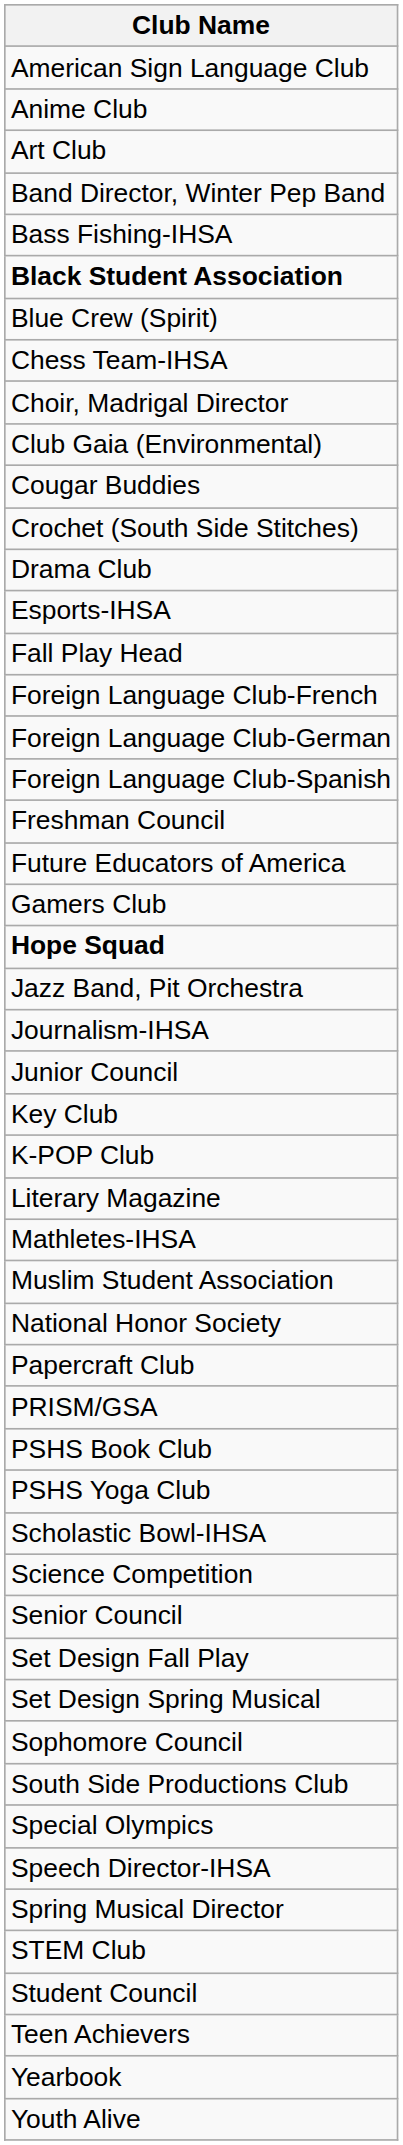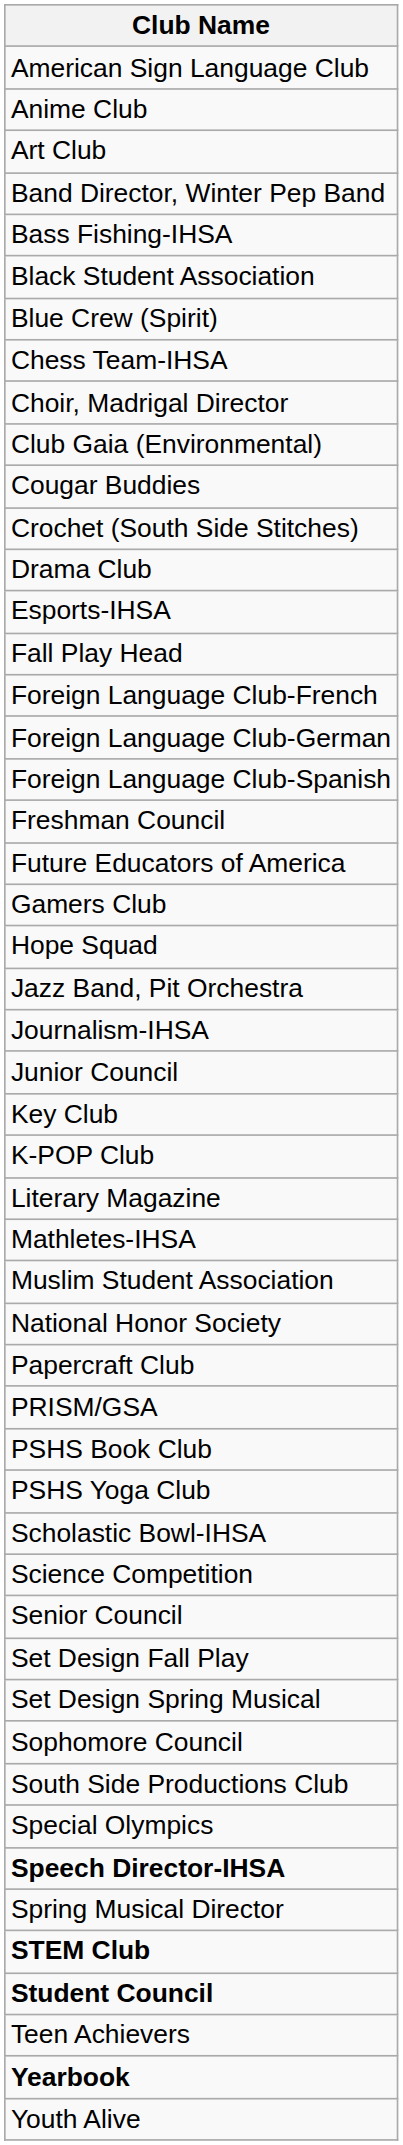 <table class="wikitable">
 <tr>
 <th>Club Name</th>
 </tr>
 <tr>
 <td>American Sign Language Club</td>
 </tr>
 <tr>
 <td>Anime Club</td>
 </tr>
 <tr>
 <td>Art Club</td>
 </tr>
 <tr>
 <td>Band Director, Winter Pep Band</td>
 </tr>
 <tr>
 <td>Bass Fishing-IHSA</td>
 </tr>
 <tr>
-<td><strong>Black Student Association</strong></td>
+<td>Black Student Association</td>
 </tr>
 <tr>
 <td>Blue Crew (Spirit)</td>
 </tr>
 <tr>
 <td>Chess Team-IHSA</td>
 </tr>
 <tr>
 <td>Choir, Madrigal Director</td>
 </tr>
 <tr>
 <td>Club Gaia (Environmental)</td>
 </tr>
 <tr>
 <td>Cougar Buddies</td>
 </tr>
 <tr>
 <td>Crochet (South Side Stitches)</td>
 </tr>
 <tr>
 <td>Drama Club</td>
 </tr>
 <tr>
 <td>Esports-IHSA</td>
 </tr>
 <tr>
 <td>Fall Play Head</td>
 </tr>
 <tr>
 <td>Foreign Language Club-French</td>
 </tr>
 <tr>
 <td>Foreign Language Club-German</td>
 </tr>
 <tr>
 <td>Foreign Language Club-Spanish</td>
 </tr>
 <tr>
 <td>Freshman Council</td>
 </tr>
 <tr>
 <td>Future Educators of America</td>
 </tr>
 <tr>
 <td>Gamers Club</td>
 </tr>
 <tr>
-<td><strong>Hope Squad</strong></td>
+<td>Hope Squad</td>
 </tr>
 <tr>
 <td>Jazz Band, Pit Orchestra</td>
 </tr>
 <tr>
 <td>Journalism-IHSA</td>
 </tr>
 <tr>
 <td>Junior Council</td>
 </tr>
 <tr>
 <td>Key Club</td>
 </tr>
 <tr>
 <td>K-POP Club</td>
 </tr>
 <tr>
 <td>Literary Magazine</td>
 </tr>
 <tr>
 <td>Mathletes-IHSA</td>
 </tr>
 <tr>
 <td>Muslim Student Association</td>
 </tr>
 <tr>
 <td>National Honor Society</td>
 </tr>
 <tr>
 <td>Papercraft Club</td>
 </tr>
 <tr>
 <td>PRISM/GSA</td>
 </tr>
 <tr>
 <td>PSHS Book Club</td>
 </tr>
 <tr>
 <td>PSHS Yoga Club</td>
 </tr>
 <tr>
 <td>Scholastic Bowl-IHSA</td>
 </tr>
 <tr>
 <td>Science Competition</td>
 </tr>
 <tr>
 <td>Senior Council</td>
 </tr>
 <tr>
 <td>Set Design Fall Play</td>
 </tr>
 <tr>
 <td>Set Design Spring Musical</td>
 </tr>
 <tr>
 <td>Sophomore Council</td>
 </tr>
 <tr>
 <td>South Side Productions Club</td>
 </tr>
 <tr>
 <td>Special Olympics</td>
 </tr>
 <tr>
-<td>Speech Director-IHSA</td>
+<td><strong>Speech Director-IHSA</strong></td>
 </tr>
 <tr>
 <td>Spring Musical Director</td>
 </tr>
 <tr>
-<td>STEM Club</td>
+<td><strong>STEM Club</strong></td>
 </tr>
 <tr>
-<td>Student Council</td>
+<td><strong>Student Council</strong></td>
 </tr>
 <tr>
 <td>Teen Achievers</td>
 </tr>
 <tr>
-<td>Yearbook</td>
+<td><strong>Yearbook</strong></td>
 </tr>
 <tr>
 <td>Youth Alive</td>
 </tr>
 </table>
